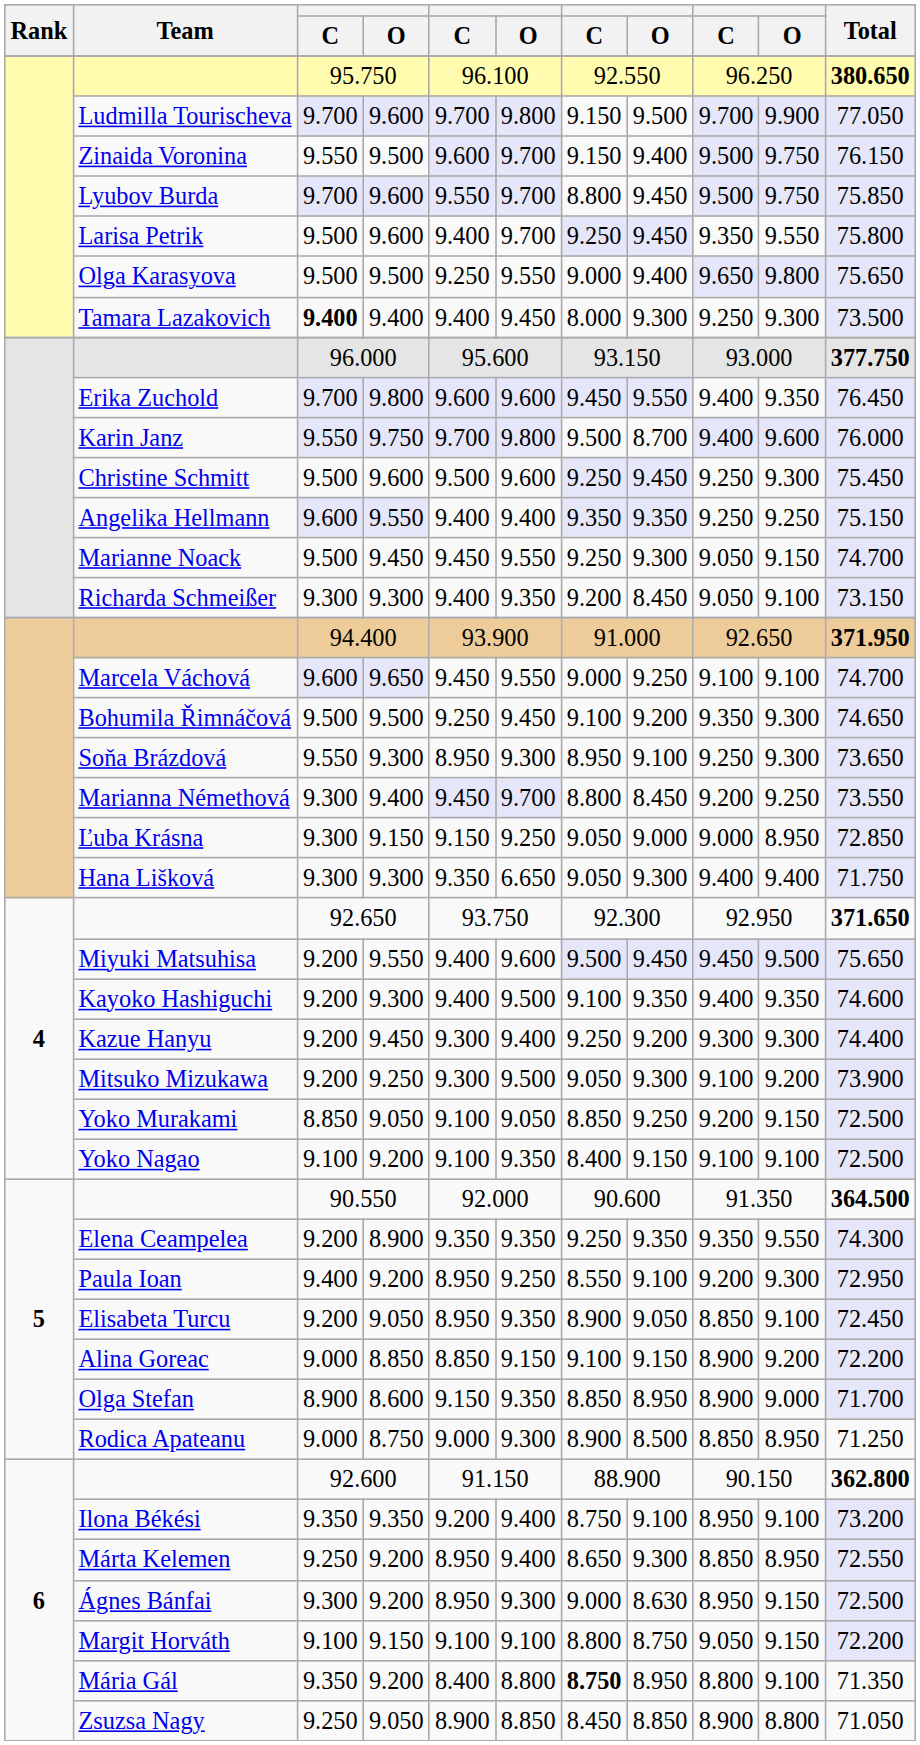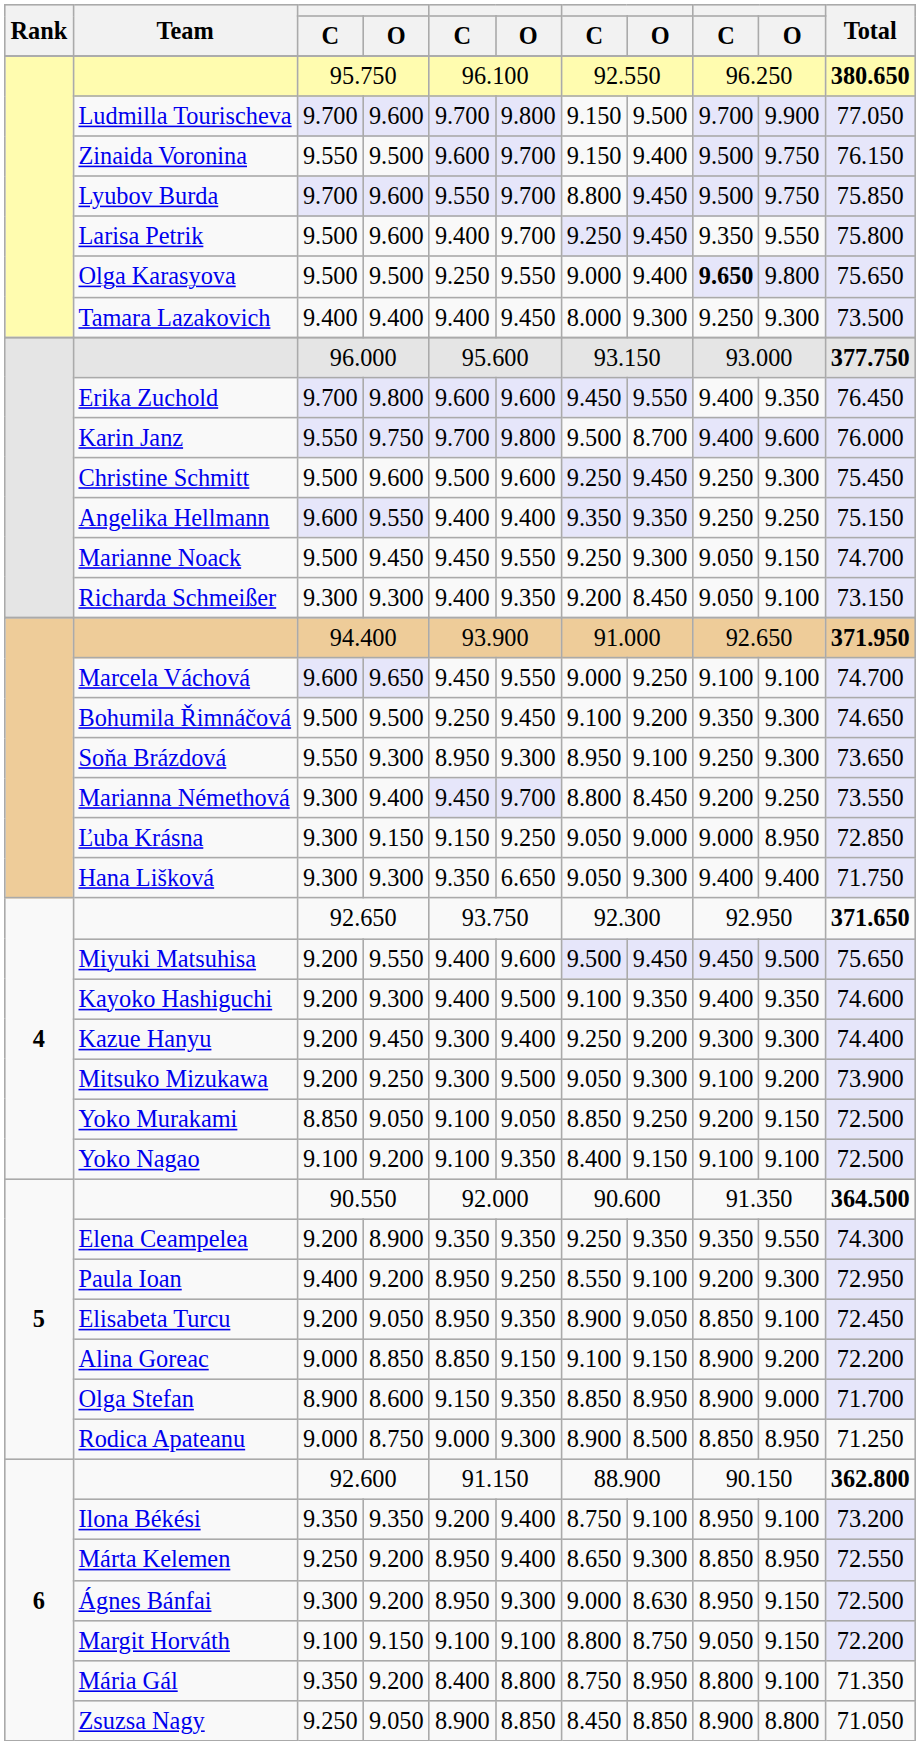 <table class="wikitable" style="text-align:center; font-size:95%">
 <tr>
 <th rowspan=2>Rank</th>
 <th rowspan=2>Team</th>
 <th colspan=2></th>
 <th colspan=2></th>
 <th colspan=2></th>
 <th colspan=2></th>
 <th rowspan=2>Total</th>
 </tr>
 <tr>
 <th>C</th>
 <th>O</th>
 <th>C</th>
 <th>O</th>
 <th>C</th>
 <th>O</th>
 <th>C</th>
 <th>O</th>
 </tr>
 <tr>
 </tr>
 <tr style="background:#fffcaf;">
 <td rowspan=7></td>
 <td style="text-align:left;"><strong></strong></td>
 <td colspan=2>95.750</td>
 <td colspan=2>96.100</td>
 <td colspan=2>92.550</td>
 <td colspan=2>96.250</td>
 <td colspan=1><strong>380.650</strong></td>
 </tr>
 <tr>
 <td align=left><a href='#'>Ludmilla Tourischeva</a></td>
 <td bgcolor="lavender">9.700</td>
 <td bgcolor="lavender">9.600</td>
 <td bgcolor="lavender">9.700</td>
 <td bgcolor="lavender">9.800</td>
 <td>9.150</td>
 <td>9.500</td>
 <td bgcolor="lavender">9.700</td>
 <td bgcolor="lavender">9.900</td>
 <td bgcolor="lavender">77.050</td>
 </tr>
 <tr>
 <td align=left><a href='#'>Zinaida Voronina</a></td>
 <td>9.550</td>
 <td>9.500</td>
 <td bgcolor="lavender">9.600</td>
 <td bgcolor="lavender">9.700</td>
 <td>9.150</td>
 <td>9.400</td>
 <td bgcolor="lavender">9.500</td>
 <td bgcolor="lavender">9.750</td>
 <td bgcolor="lavender">76.150</td>
 </tr>
 <tr>
 <td align=left><a href='#'>Lyubov Burda</a></td>
 <td bgcolor="lavender">9.700</td>
 <td bgcolor="lavender">9.600</td>
 <td bgcolor="lavender">9.550</td>
 <td bgcolor="lavender">9.700</td>
 <td>8.800</td>
-<td>9.450</td>
+<td style="background: lavender;">9.450</td>
 <td bgcolor="lavender">9.500</td>
 <td bgcolor="lavender">9.750</td>
 <td bgcolor="lavender">75.850</td>
 </tr>
 <tr>
 <td align=left><a href='#'>Larisa Petrik</a></td>
 <td>9.500</td>
 <td>9.600</td>
 <td>9.400</td>
 <td>9.700</td>
 <td bgcolor="lavender">9.250</td>
 <td bgcolor="lavender">9.450</td>
 <td>9.350</td>
 <td>9.550</td>
 <td bgcolor="lavender">75.800</td>
 </tr>
 <tr>
 <td align=left><a href='#'>Olga Karasyova</a></td>
 <td>9.500</td>
 <td>9.500</td>
 <td>9.250</td>
 <td>9.550</td>
 <td>9.000</td>
 <td>9.400</td>
-<td bgcolor="lavender">9.650</td>
+<td bgcolor="lavender"><strong>9.650</strong></td>
 <td bgcolor="lavender">9.800</td>
 <td bgcolor="lavender">75.650</td>
 </tr>
 <tr>
 <td align=left><a href='#'>Tamara Lazakovich</a></td>
-<td><strong>9.400</strong></td>
+<td>9.400</td>
 <td>9.400</td>
 <td>9.400</td>
 <td>9.450</td>
 <td>8.000</td>
 <td>9.300</td>
 <td>9.250</td>
 <td>9.300</td>
 <td bgcolor="lavender">73.500</td>
 </tr>
 <tr>
 </tr>
 <tr style="background:#e5e5e5;">
 <td rowspan=7></td>
 <td style="text-align:left;"><strong></strong></td>
 <td colspan=2>96.000</td>
 <td colspan=2>95.600</td>
 <td colspan=2>93.150</td>
 <td colspan=2>93.000</td>
 <td colspan=1><strong>377.750</strong></td>
 </tr>
 <tr>
 <td align=left><a href='#'>Erika Zuchold</a></td>
 <td bgcolor="lavender">9.700</td>
 <td bgcolor="lavender">9.800</td>
 <td bgcolor="lavender">9.600</td>
 <td bgcolor="lavender">9.600</td>
 <td bgcolor="lavender">9.450</td>
 <td bgcolor="lavender">9.550</td>
 <td>9.400</td>
 <td>9.350</td>
 <td bgcolor="lavender">76.450</td>
 </tr>
 <tr>
 <td align=left><a href='#'>Karin Janz</a></td>
 <td bgcolor="lavender">9.550</td>
 <td bgcolor="lavender">9.750</td>
 <td bgcolor="lavender">9.700</td>
 <td bgcolor="lavender">9.800</td>
 <td>9.500</td>
 <td>8.700</td>
 <td bgcolor="lavender">9.400</td>
 <td bgcolor="lavender">9.600</td>
 <td bgcolor="lavender">76.000</td>
 </tr>
 <tr>
 <td align=left><a href='#'>Christine Schmitt</a></td>
 <td>9.500</td>
 <td>9.600</td>
 <td>9.500</td>
 <td>9.600</td>
 <td bgcolor="lavender">9.250</td>
 <td bgcolor="lavender">9.450</td>
 <td>9.250</td>
 <td>9.300</td>
 <td bgcolor="lavender">75.450</td>
 </tr>
 <tr>
 <td align=left><a href='#'>Angelika Hellmann</a></td>
 <td bgcolor="lavender">9.600</td>
 <td bgcolor="lavender">9.550</td>
 <td>9.400</td>
 <td>9.400</td>
 <td bgcolor="lavender">9.350</td>
 <td bgcolor="lavender">9.350</td>
 <td>9.250</td>
 <td>9.250</td>
 <td bgcolor="lavender">75.150</td>
 </tr>
 <tr>
 <td align=left><a href='#'>Marianne Noack</a></td>
 <td>9.500</td>
 <td>9.450</td>
 <td>9.450</td>
 <td>9.550</td>
 <td>9.250</td>
 <td>9.300</td>
 <td>9.050</td>
 <td>9.150</td>
 <td bgcolor="lavender">74.700</td>
 </tr>
 <tr>
 <td align=left><a href='#'>Richarda Schmeißer</a></td>
 <td>9.300</td>
 <td>9.300</td>
 <td>9.400</td>
 <td>9.350</td>
 <td>9.200</td>
 <td>8.450</td>
 <td>9.050</td>
 <td>9.100</td>
 <td bgcolor="lavender">73.150</td>
 </tr>
 <tr>
 </tr>
 <tr style="background:#ec9;">
 <td rowspan=7></td>
 <td style="text-align:left;"><strong></strong></td>
 <td colspan=2>94.400</td>
 <td colspan=2>93.900</td>
 <td colspan=2>91.000</td>
 <td colspan=2>92.650</td>
 <td colspan=1><strong>371.950</strong></td>
 </tr>
 <tr>
 <td align=left><a href='#'>Marcela Váchová</a></td>
 <td bgcolor="lavender">9.600</td>
 <td bgcolor="lavender">9.650</td>
 <td>9.450</td>
 <td>9.550</td>
 <td>9.000</td>
 <td>9.250</td>
 <td>9.100</td>
 <td>9.100</td>
 <td bgcolor="lavender">74.700</td>
 </tr>
 <tr>
 <td align=left><a href='#'>Bohumila Řimnáčová</a></td>
 <td>9.500</td>
 <td>9.500</td>
 <td>9.250</td>
 <td>9.450</td>
 <td>9.100</td>
 <td>9.200</td>
 <td>9.350</td>
 <td>9.300</td>
 <td bgcolor="lavender">74.650</td>
 </tr>
 <tr>
 <td align=left><a href='#'>Soňa Brázdová</a></td>
 <td>9.550</td>
 <td>9.300</td>
 <td>8.950</td>
 <td>9.300</td>
 <td>8.950</td>
 <td>9.100</td>
 <td>9.250</td>
 <td>9.300</td>
 <td bgcolor="lavender">73.650</td>
 </tr>
 <tr>
 <td align=left><a href='#'>Marianna Némethová</a></td>
 <td>9.300</td>
 <td>9.400</td>
 <td bgcolor="lavender">9.450</td>
 <td bgcolor="lavender">9.700</td>
 <td>8.800</td>
 <td>8.450</td>
 <td>9.200</td>
 <td>9.250</td>
 <td bgcolor="lavender">73.550</td>
 </tr>
 <tr>
 <td align=left><a href='#'>Ľuba Krásna</a></td>
 <td>9.300</td>
 <td>9.150</td>
 <td>9.150</td>
 <td>9.250</td>
 <td>9.050</td>
 <td>9.000</td>
 <td>9.000</td>
 <td>8.950</td>
 <td bgcolor="lavender">72.850</td>
 </tr>
 <tr>
 <td align=left><a href='#'>Hana Lišková</a></td>
 <td>9.300</td>
 <td>9.300</td>
 <td>9.350</td>
 <td>6.650</td>
 <td>9.050</td>
 <td>9.300</td>
 <td>9.400</td>
 <td>9.400</td>
 <td bgcolor="lavender">71.750</td>
 </tr>
 <tr>
 <td rowspan=7><strong>4</strong></td>
 <td style="text-align:left;"><strong></strong></td>
 <td colspan=2>92.650</td>
 <td colspan=2>93.750</td>
 <td colspan=2>92.300</td>
 <td colspan=2>92.950</td>
 <td colspan=1><strong>371.650</strong></td>
 </tr>
 <tr>
 <td align=left><a href='#'>Miyuki Matsuhisa</a></td>
 <td>9.200</td>
 <td>9.550</td>
 <td>9.400</td>
 <td>9.600</td>
 <td bgcolor="lavender">9.500</td>
 <td bgcolor="lavender">9.450</td>
 <td bgcolor="lavender">9.450</td>
 <td bgcolor="lavender">9.500</td>
 <td bgcolor="lavender">75.650</td>
 </tr>
 <tr>
 <td align=left><a href='#'>Kayoko Hashiguchi</a></td>
 <td>9.200</td>
 <td>9.300</td>
 <td>9.400</td>
 <td>9.500</td>
 <td>9.100</td>
 <td>9.350</td>
 <td>9.400</td>
 <td>9.350</td>
 <td bgcolor="lavender">74.600</td>
 </tr>
 <tr>
 <td align=left><a href='#'>Kazue Hanyu</a></td>
 <td>9.200</td>
 <td>9.450</td>
 <td>9.300</td>
 <td>9.400</td>
 <td>9.250</td>
 <td>9.200</td>
 <td>9.300</td>
 <td>9.300</td>
 <td bgcolor="lavender">74.400</td>
 </tr>
 <tr>
 <td align=left><a href='#'>Mitsuko Mizukawa</a></td>
 <td>9.200</td>
 <td>9.250</td>
 <td>9.300</td>
 <td>9.500</td>
 <td>9.050</td>
 <td>9.300</td>
 <td>9.100</td>
 <td>9.200</td>
 <td bgcolor="lavender">73.900</td>
 </tr>
 <tr>
 <td align=left><a href='#'>Yoko Murakami</a></td>
 <td>8.850</td>
 <td>9.050</td>
 <td>9.100</td>
 <td>9.050</td>
 <td>8.850</td>
 <td>9.250</td>
 <td>9.200</td>
 <td>9.150</td>
 <td bgcolor="lavender">72.500</td>
 </tr>
 <tr>
 <td align=left><a href='#'>Yoko Nagao</a></td>
 <td>9.100</td>
 <td>9.200</td>
 <td>9.100</td>
 <td>9.350</td>
 <td>8.400</td>
 <td>9.150</td>
 <td>9.100</td>
 <td>9.100</td>
 <td bgcolor="lavender">72.500</td>
 </tr>
 <tr>
 <td rowspan=7><strong>5</strong></td>
 <td style="text-align:left;"><strong></strong></td>
 <td colspan=2>90.550</td>
 <td colspan=2>92.000</td>
 <td colspan=2>90.600</td>
 <td colspan=2>91.350</td>
 <td colspan=1><strong>364.500</strong></td>
 </tr>
 <tr>
 <td align=left><a href='#'>Elena Ceampelea</a></td>
 <td>9.200</td>
 <td>8.900</td>
 <td>9.350</td>
 <td>9.350</td>
 <td>9.250</td>
 <td>9.350</td>
 <td>9.350</td>
 <td>9.550</td>
 <td bgcolor="lavender">74.300</td>
 </tr>
 <tr>
 <td align=left><a href='#'>Paula Ioan</a></td>
 <td>9.400</td>
 <td>9.200</td>
 <td>8.950</td>
 <td>9.250</td>
 <td>8.550</td>
 <td>9.100</td>
 <td>9.200</td>
 <td>9.300</td>
 <td bgcolor="lavender">72.950</td>
 </tr>
 <tr>
 <td align=left><a href='#'>Elisabeta Turcu</a></td>
 <td>9.200</td>
 <td>9.050</td>
 <td>8.950</td>
 <td>9.350</td>
 <td>8.900</td>
 <td>9.050</td>
 <td>8.850</td>
 <td>9.100</td>
 <td bgcolor="lavender">72.450</td>
 </tr>
 <tr>
 <td align=left><a href='#'>Alina Goreac</a></td>
 <td>9.000</td>
 <td>8.850</td>
 <td>8.850</td>
 <td>9.150</td>
 <td>9.100</td>
 <td>9.150</td>
 <td>8.900</td>
 <td>9.200</td>
 <td bgcolor="lavender">72.200</td>
 </tr>
 <tr>
 <td align=left><a href='#'>Olga Stefan</a></td>
 <td>8.900</td>
 <td>8.600</td>
 <td>9.150</td>
 <td>9.350</td>
 <td>8.850</td>
 <td>8.950</td>
 <td>8.900</td>
 <td>9.000</td>
 <td bgcolor="lavender">71.700</td>
 </tr>
 <tr>
 <td align=left><a href='#'>Rodica Apateanu</a></td>
 <td>9.000</td>
 <td>8.750</td>
 <td>9.000</td>
 <td>9.300</td>
 <td>8.900</td>
 <td>8.500</td>
 <td>8.850</td>
 <td>8.950</td>
 <td>71.250</td>
 </tr>
 <tr>
 <td rowspan=7><strong>6</strong></td>
 <td style="text-align:left;"><strong></strong></td>
 <td colspan=2>92.600</td>
 <td colspan=2>91.150</td>
 <td colspan=2>88.900</td>
 <td colspan=2>90.150</td>
 <td colspan=1><strong>362.800</strong></td>
 </tr>
 <tr>
 <td align=left><a href='#'>Ilona Békési</a></td>
 <td>9.350</td>
 <td>9.350</td>
 <td>9.200</td>
 <td>9.400</td>
 <td>8.750</td>
 <td>9.100</td>
 <td>8.950</td>
 <td>9.100</td>
 <td bgcolor="lavender">73.200</td>
 </tr>
 <tr>
 <td align=left><a href='#'>Márta Kelemen</a></td>
 <td>9.250</td>
 <td>9.200</td>
 <td>8.950</td>
 <td>9.400</td>
 <td>8.650</td>
 <td>9.300</td>
 <td>8.850</td>
 <td>8.950</td>
 <td bgcolor="lavender">72.550</td>
 </tr>
 <tr>
 <td align=left><a href='#'>Ágnes Bánfai</a></td>
 <td>9.300</td>
 <td>9.200</td>
 <td>8.950</td>
 <td>9.300</td>
 <td>9.000</td>
 <td>8.630</td>
 <td>8.950</td>
 <td>9.150</td>
 <td bgcolor="lavender">72.500</td>
 </tr>
 <tr>
 <td align=left><a href='#'>Margit Horváth</a></td>
 <td>9.100</td>
 <td>9.150</td>
 <td>9.100</td>
 <td>9.100</td>
 <td>8.800</td>
 <td>8.750</td>
 <td>9.050</td>
 <td>9.150</td>
 <td bgcolor="lavender">72.200</td>
 </tr>
 <tr>
 <td align=left><a href='#'>Mária Gál</a></td>
 <td>9.350</td>
 <td>9.200</td>
 <td>8.400</td>
 <td>8.800</td>
-<td><strong>8.750</strong></td>
+<td>8.750</td>
 <td>8.950</td>
 <td>8.800</td>
 <td>9.100</td>
 <td>71.350</td>
 </tr>
 <tr>
 <td align=left><a href='#'>Zsuzsa Nagy</a></td>
 <td>9.250</td>
 <td>9.050</td>
 <td>8.900</td>
 <td>8.850</td>
 <td>8.450</td>
 <td>8.850</td>
 <td>8.900</td>
 <td>8.800</td>
 <td>71.050</td>
 </tr>
 </table>
